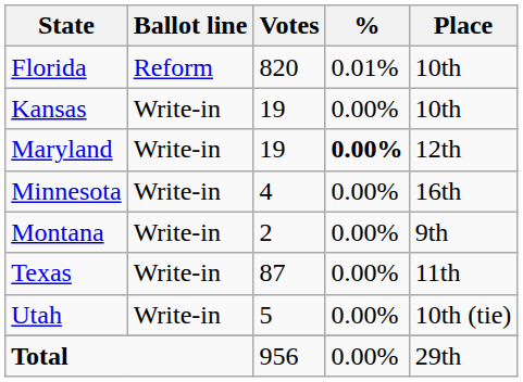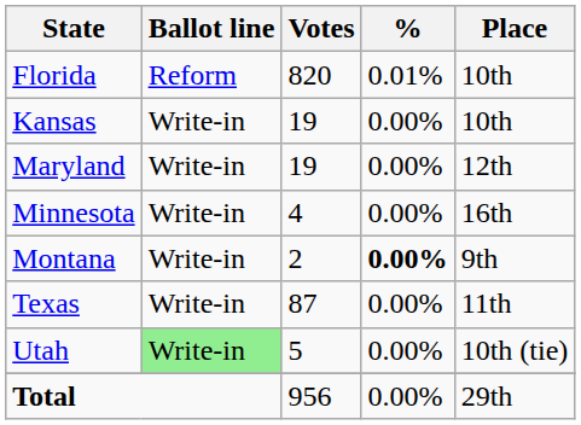 <table class="wikitable sortable">
 <tr>
 <th>State</th>
 <th>Ballot line</th>
 <th>Votes</th>
 <th>%</th>
 <th>Place</th>
 </tr>
 <tr>
 <td><a href='#'>Florida</a></td>
 <td><a href='#'>Reform</a></td>
 <td>820</td>
 <td>0.01%</td>
 <td>10th</td>
 </tr>
 <tr>
 <td><a href='#'>Kansas</a></td>
 <td>Write-in</td>
 <td>19</td>
 <td>0.00%</td>
 <td>10th</td>
 </tr>
 <tr>
 <td><a href='#'>Maryland</a></td>
 <td>Write-in</td>
 <td>19</td>
-<td><strong>0.00%</strong></td>
+<td>0.00%</td>
 <td>12th</td>
 </tr>
 <tr>
 <td><a href='#'>Minnesota</a></td>
 <td>Write-in</td>
 <td>4</td>
 <td>0.00%</td>
 <td>16th</td>
 </tr>
 <tr>
 <td><a href='#'>Montana</a></td>
 <td>Write-in</td>
 <td>2</td>
-<td>0.00%</td>
+<td><strong>0.00%</strong></td>
 <td>9th</td>
 </tr>
 <tr>
 <td><a href='#'>Texas</a></td>
 <td>Write-in</td>
 <td>87</td>
 <td>0.00%</td>
 <td>11th</td>
 </tr>
 <tr>
 <td><a href='#'>Utah</a></td>
-<td>Write-in</td>
+<td style="background: lightgreen;">Write-in</td>
 <td>5</td>
 <td>0.00%</td>
 <td>10th (tie)</td>
 </tr>
 <tr>
 </tr>
 <tr class="sortbottom">
 <td colspan="2"><strong>Total</strong></td>
 <td>956</td>
 <td>0.00%</td>
 <td>29th</td>
 </tr>
 </table>
